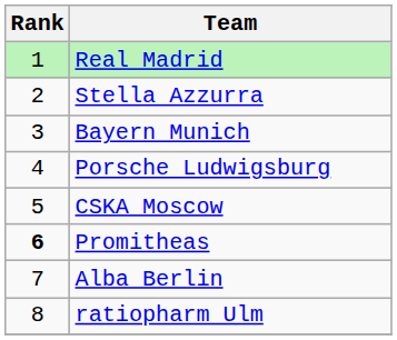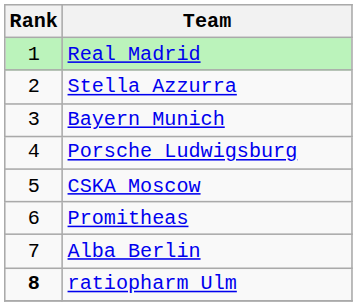 <table class="wikitable">
 <tr>
 <th>Rank</th>
 <th style="width:180px;">Team</th>
 </tr>
 <tr style="background:#bbf3bb;">
 <td align=center>1</td>
 <td> <a href='#'>Real Madrid</a></td>
 </tr>
 <tr>
 <td align=center>2</td>
 <td> <a href='#'>Stella Azzurra</a></td>
 </tr>
 <tr>
 <td align=center>3</td>
 <td> <a href='#'>Bayern Munich</a></td>
 </tr>
 <tr>
 <td align=center>4</td>
 <td> <a href='#'>Porsche Ludwigsburg</a></td>
 </tr>
 <tr>
 <td align=center>5</td>
 <td> <a href='#'>CSKA Moscow</a></td>
 </tr>
 <tr>
-<td align=center><strong>6</strong></td>
+<td align=center>6</td>
 <td> <a href='#'>Promitheas</a></td>
 </tr>
 <tr>
 <td align=center>7</td>
 <td> <a href='#'>Alba Berlin</a></td>
 </tr>
 <tr>
-<td align=center>8</td>
+<td align=center><strong>8</strong></td>
 <td> <a href='#'>ratiopharm Ulm</a></td>
 </tr>
 <tr>
 </tr>
 </table>
